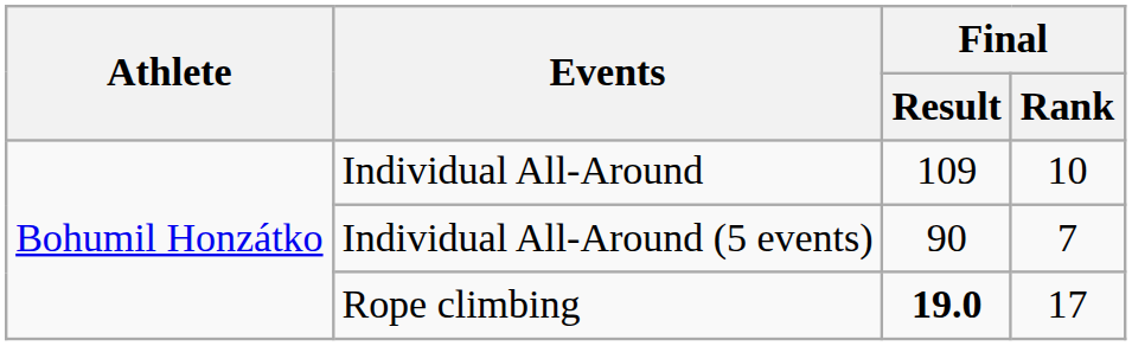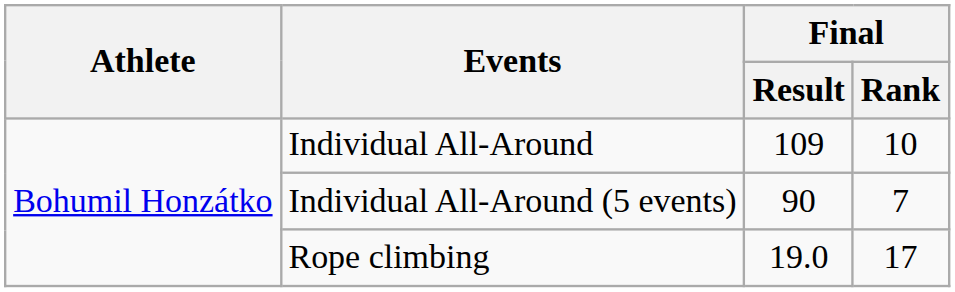 <table class=wikitable style="font-size:90%">
 <tr>
 <th rowspan="2">Athlete</th>
 <th rowspan="2">Events</th>
 <th colspan="2">Final</th>
 </tr>
 <tr>
 <th>Result</th>
 <th>Rank</th>
 </tr>
 <tr>
 <td rowspan=3><a href='#'>Bohumil Honzátko</a></td>
 <td>Individual All-Around</td>
 <td align="center">109</td>
 <td align="center">10</td>
 </tr>
 <tr>
 <td>Individual All-Around (5 events)</td>
 <td align="center">90</td>
 <td align="center">7</td>
 </tr>
 <tr>
 <td>Rope climbing</td>
-<td align="center"><strong>19.0</strong></td>
+<td align="center">19.0</td>
 <td align="center">17</td>
 </tr>
 </table>
